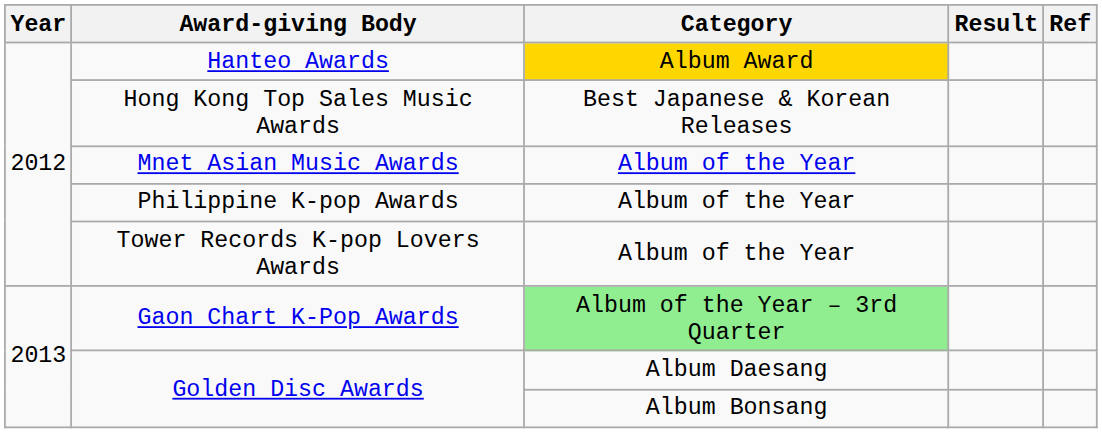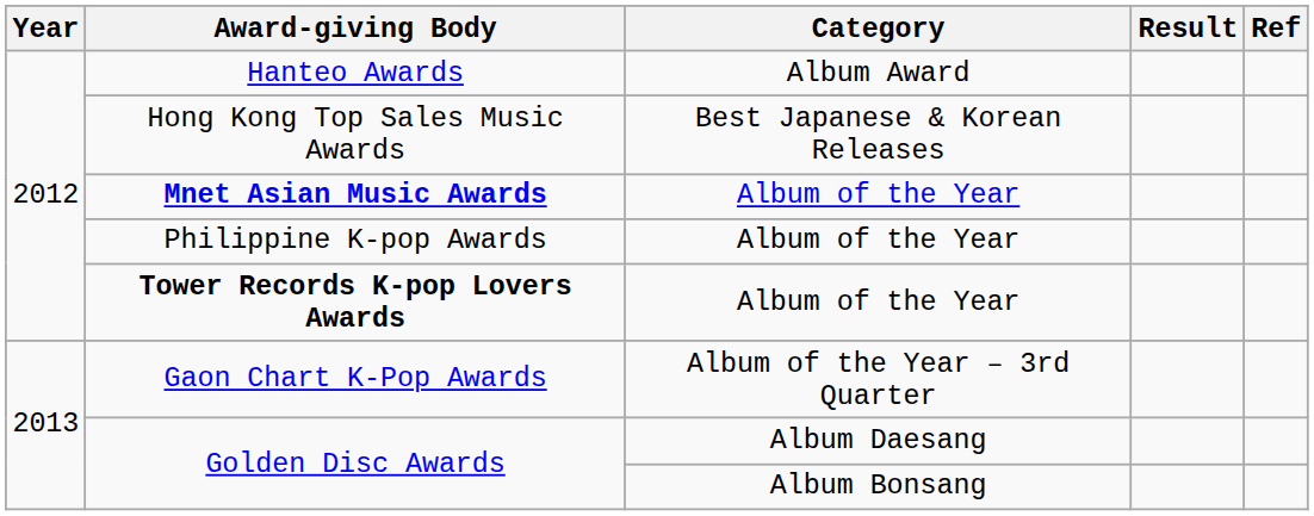 <table class="wikitable plainrowheaders" style="text-align: center">
 <tr>
 <th>Year</th>
 <th>Award-giving Body</th>
 <th>Category</th>
 <th>Result</th>
 <th>Ref</th>
 </tr>
 <tr>
 <td rowspan="5">2012</td>
 <td><a href='#'>Hanteo Awards</a></td>
-<td style="background: gold;">Album Award</td>
+<td>Album Award</td>
 <td></td>
 <td></td>
 </tr>
 <tr>
 <td>Hong Kong Top Sales Music Awards</td>
 <td>Best Japanese & Korean Releases</td>
 <td></td>
 <td></td>
 </tr>
 <tr>
-<td><a href='#'>Mnet Asian Music Awards</a></td>
+<td><strong><a href='#'>Mnet Asian Music Awards</a></strong></td>
 <td><a href='#'>Album of the Year</a></td>
 <td></td>
 <td></td>
 </tr>
 <tr>
 <td>Philippine K-pop Awards</td>
 <td>Album of the Year</td>
 <td></td>
 <td></td>
 </tr>
 <tr>
-<td>Tower Records K-pop Lovers Awards</td>
+<td><strong>Tower Records K-pop Lovers Awards</strong></td>
 <td>Album of the Year</td>
 <td></td>
 <td></td>
 </tr>
 <tr>
 <td rowspan="3">2013</td>
 <td><a href='#'>Gaon Chart K-Pop Awards</a></td>
-<td style="background: lightgreen;">Album of the Year – 3rd Quarter</td>
+<td>Album of the Year – 3rd Quarter</td>
 <td></td>
 <td></td>
 </tr>
 <tr>
 <td rowspan="2"><a href='#'>Golden Disc Awards</a></td>
 <td>Album Daesang</td>
 <td></td>
 <td></td>
 </tr>
 <tr>
 <td>Album Bonsang</td>
 <td></td>
 <td></td>
 </tr>
 </table>
